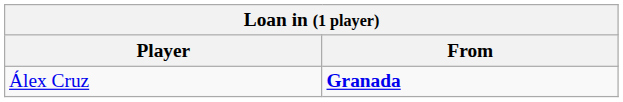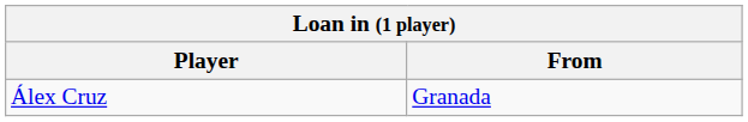 <table class="wikitable collapsible collapsed">
 <tr>
 <th colspan="2" style="width:500px;"> <strong>Loan in</strong> <small>(1 player)</small></th>
 </tr>
 <tr>
 <th>Player</th>
 <th>From</th>
 </tr>
 <tr>
 <td> <a href='#'>Álex Cruz</a></td>
-<td><strong> <a href='#'>Granada</a></strong></td>
+<td> <a href='#'>Granada</a></td>
 </tr>
 </table>
